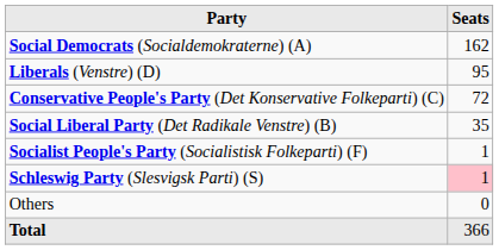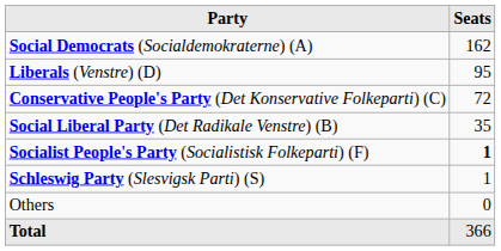 <table class="wikitable">
 <tr>
 <th style="background-color:#E9E9E9">Party</th>
 <th style="background-color:#E9E9E9">Seats</th>
 </tr>
 <tr>
 <td><strong><a href='#'>Social Democrats</a></strong> (<em>Socialdemokraterne</em>) (A)</td>
 <td align="right">162</td>
 </tr>
 <tr>
 <td><strong><a href='#'>Liberals</a></strong> (<em>Venstre</em>) (D)</td>
 <td align="right">95</td>
 </tr>
 <tr>
 <td><strong><a href='#'>Conservative People's Party</a></strong> (<em>Det Konservative Folkeparti</em>) (C)</td>
 <td align="right">72</td>
 </tr>
 <tr>
 <td><strong><a href='#'>Social Liberal Party</a></strong> (<em>Det Radikale Venstre</em>) (B)</td>
 <td align="right">35</td>
 </tr>
 <tr>
 <td><strong><a href='#'>Socialist People's Party</a></strong> (<em>Socialistisk Folkeparti</em>) (F)</td>
-<td align="right">1</td>
+<td align="right"><strong>1</strong></td>
 </tr>
 <tr>
 <td><strong><a href='#'>Schleswig Party</a></strong> (<em>Slesvigsk Parti</em>) (S)</td>
-<td align="right" style="background: pink;">1</td>
+<td align="right">1</td>
 </tr>
 <tr>
 <td>Others</td>
 <td align="right">0</td>
 </tr>
 <tr>
 <td style="background-color:#E9E9E9"><strong>Total</strong></td>
 <td align="right" style="background-color:#E9E9E9">366</td>
 </tr>
 </table>
